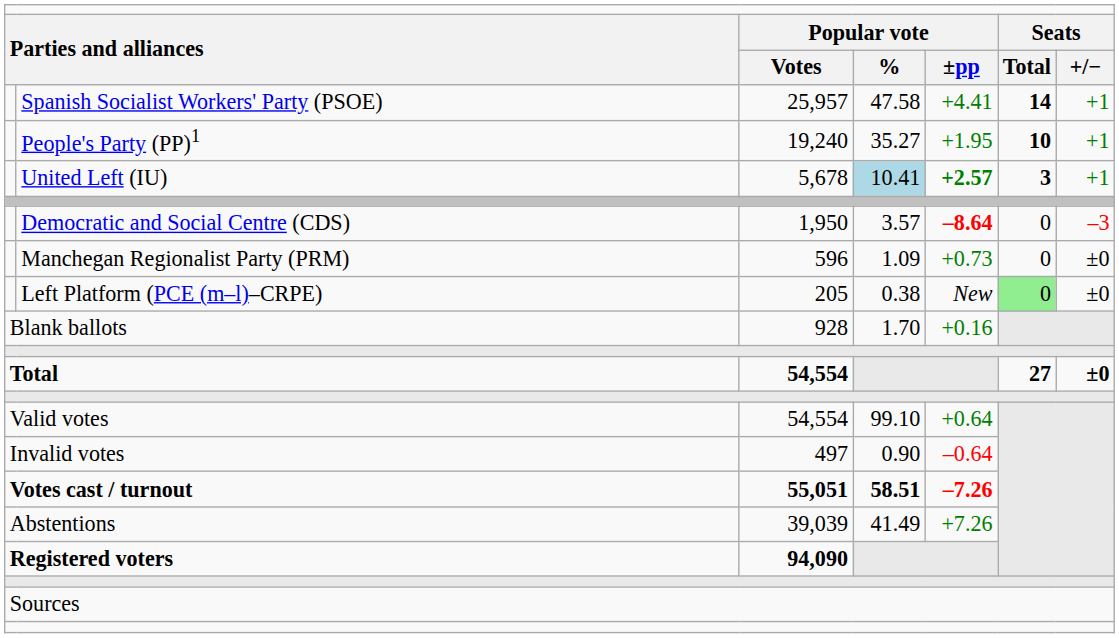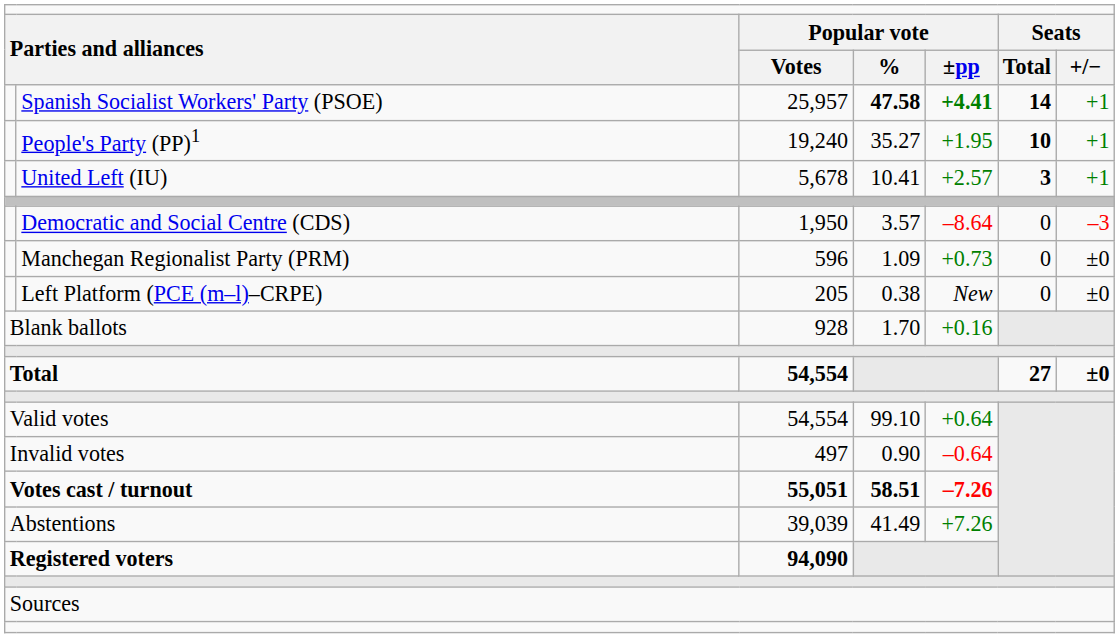 <table class="wikitable" style="text-align:right;">
 <tr>
 <td colspan="7"></td>
 </tr>
 <tr>
 <th style="text-align:left;" rowspan="2" colspan="2" width="525">Parties and alliances</th>
 <th colspan="3">Popular vote</th>
 <th colspan="2">Seats</th>
 </tr>
 <tr>
 <th width="75">Votes</th>
 <th width="45">%</th>
 <th width="45">±<a href='#'>pp</a></th>
 <th width="35">Total</th>
 <th width="35">+/−</th>
 </tr>
 <tr>
 <td width="1" style="color:inherit;background:"></td>
 <td align="left"><a href='#'>Spanish Socialist Workers' Party</a> (PSOE)</td>
 <td>25,957</td>
-<td>47.58</td>
-<td style="color:green;">+4.41</td>
+<td><strong>47.58</strong></td>
+<td style="color:green;"><strong>+4.41</strong></td>
 <td><strong>14</strong></td>
 <td style="color:green;">+1</td>
 </tr>
 <tr>
 <td style="color:inherit;background:"></td>
 <td align="left"><a href='#'>People's Party</a> (PP)<sup>1</sup></td>
 <td>19,240</td>
 <td>35.27</td>
 <td style="color:green;">+1.95</td>
 <td><strong>10</strong></td>
 <td style="color:green;">+1</td>
 </tr>
 <tr>
 <td style="color:inherit;background:"></td>
 <td align="left"><a href='#'>United Left</a> (IU)</td>
 <td>5,678</td>
-<td style="background: lightblue;">10.41</td>
-<td style="color:green;"><strong>+2.57</strong></td>
+<td>10.41</td>
+<td style="color:green;">+2.57</td>
 <td><strong>3</strong></td>
 <td style="color:green;">+1</td>
 </tr>
 <tr>
 <td colspan="7" bgcolor="#C0C0C0"></td>
 </tr>
 <tr>
 <td style="color:inherit;background:"></td>
 <td align="left"><a href='#'>Democratic and Social Centre</a> (CDS)</td>
 <td>1,950</td>
 <td>3.57</td>
-<td style="color:red;"><strong>–8.64</strong></td>
+<td style="color:red;">–8.64</td>
 <td>0</td>
 <td style="color:red;">–3</td>
 </tr>
 <tr>
 <td style="color:inherit;background:"></td>
 <td align="left">Manchegan Regionalist Party (PRM)</td>
 <td>596</td>
 <td>1.09</td>
 <td style="color:green;">+0.73</td>
 <td>0</td>
 <td>±0</td>
 </tr>
 <tr>
 <td style="color:inherit;background:"></td>
 <td align="left">Left Platform (<a href='#'>PCE (m–l)</a>–CRPE)</td>
 <td>205</td>
 <td>0.38</td>
 <td><em>New</em></td>
-<td style="background: lightgreen;">0</td>
+<td>0</td>
 <td>±0</td>
 </tr>
 <tr>
 <td align="left" colspan="2">Blank ballots</td>
 <td>928</td>
 <td>1.70</td>
 <td style="color:green;">+0.16</td>
 <td bgcolor="#E9E9E9" colspan="2"></td>
 </tr>
 <tr>
 <td colspan="7" bgcolor="#E9E9E9"></td>
 </tr>
 <tr style="font-weight:bold;">
 <td align="left" colspan="2">Total</td>
 <td>54,554</td>
 <td bgcolor="#E9E9E9" colspan="2"></td>
 <td>27</td>
 <td>±0</td>
 </tr>
 <tr>
 <td colspan="7" bgcolor="#E9E9E9"></td>
 </tr>
 <tr>
 <td align="left" colspan="2">Valid votes</td>
 <td>54,554</td>
 <td>99.10</td>
 <td style="color:green;">+0.64</td>
 <td bgcolor="#E9E9E9" colspan="2" rowspan="5"></td>
 </tr>
 <tr>
 <td align="left" colspan="2">Invalid votes</td>
 <td>497</td>
 <td>0.90</td>
 <td style="color:red;">–0.64</td>
 </tr>
 <tr style="font-weight:bold;">
 <td align="left" colspan="2">Votes cast / turnout</td>
 <td>55,051</td>
 <td>58.51</td>
 <td style="color:red;">–7.26</td>
 </tr>
 <tr>
 <td align="left" colspan="2">Abstentions</td>
 <td>39,039</td>
 <td>41.49</td>
 <td style="color:green;">+7.26</td>
 </tr>
 <tr style="font-weight:bold;">
 <td align="left" colspan="2">Registered voters</td>
 <td>94,090</td>
 <td bgcolor="#E9E9E9" colspan="2"></td>
 </tr>
 <tr>
 <td colspan="7" bgcolor="#E9E9E9"></td>
 </tr>
 <tr>
 <td align="left" colspan="7">Sources</td>
 </tr>
 <tr>
 <td colspan="7" style="text-align:left; max-width:790px;"></td>
 </tr>
 </table>
